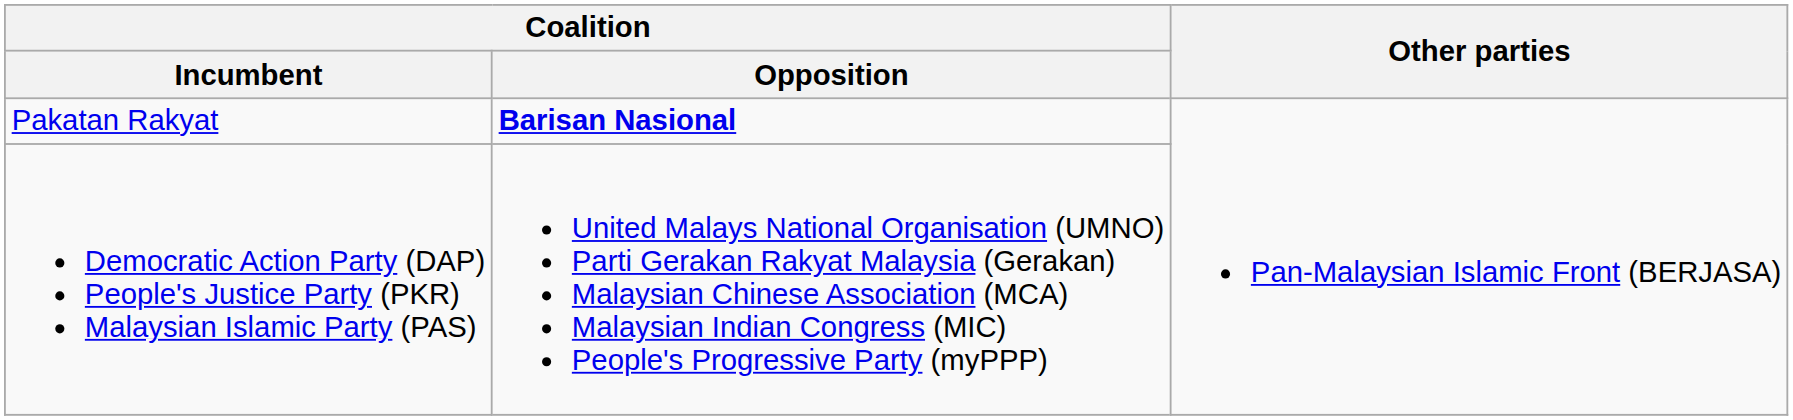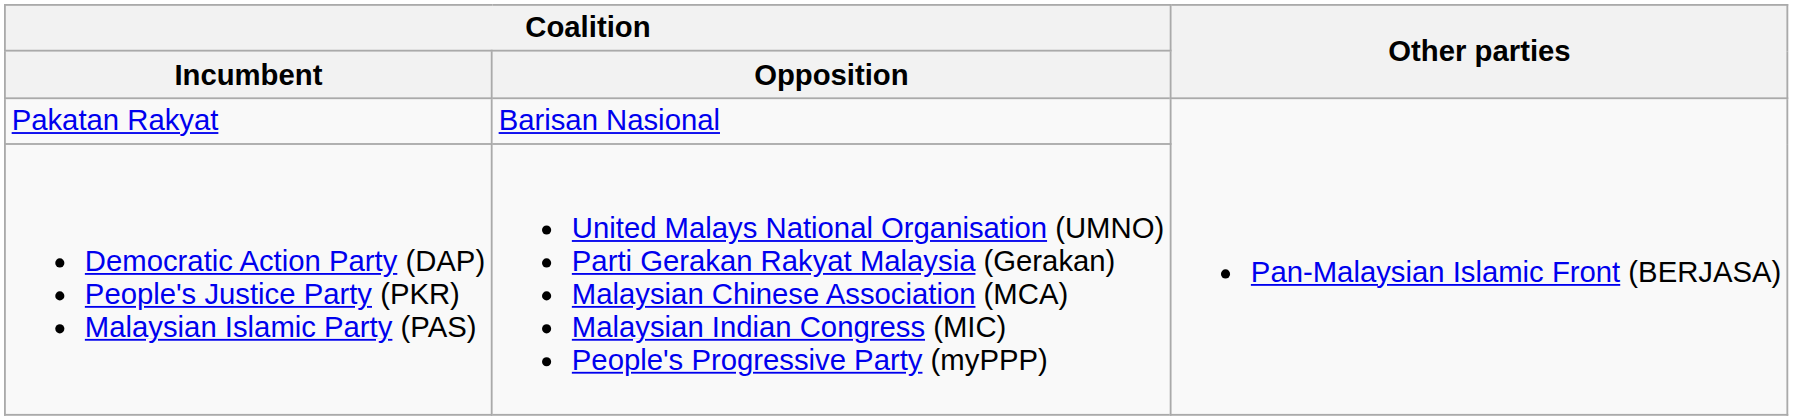 <table class="wikitable">
 <tr>
 <th colspan="2">Coalition</th>
 <th rowspan="2">Other parties</th>
 </tr>
 <tr>
 <th>Incumbent</th>
 <th>Opposition</th>
 </tr>
 <tr>
 <td><a href='#'>Pakatan Rakyat</a></td>
-<td><strong><a href='#'>Barisan Nasional</a></strong></td>
+<td><a href='#'>Barisan Nasional</a></td>
 <td rowspan="2"><br><ul><li> <a href='#'>Pan-Malaysian Islamic Front</a> (BERJASA)</li></ul></td>
 </tr>
 <tr>
 <td><br><ul><li> <a href='#'>Democratic Action Party</a> (DAP)</li><li> <a href='#'>People's Justice Party</a> (PKR)</li><li> <a href='#'>Malaysian Islamic Party</a> (PAS)</li></ul></td>
 <td><br><ul><li> <a href='#'>United Malays National Organisation</a> (UMNO)</li><li><a href='#'>Parti Gerakan Rakyat Malaysia</a> (Gerakan)</li><li> <a href='#'>Malaysian Chinese Association</a> (MCA)</li><li> <a href='#'>Malaysian Indian Congress</a> (MIC)</li><li> <a href='#'>People's Progressive Party</a> (myPPP)</li></ul></td>
 </tr>
 </table>
